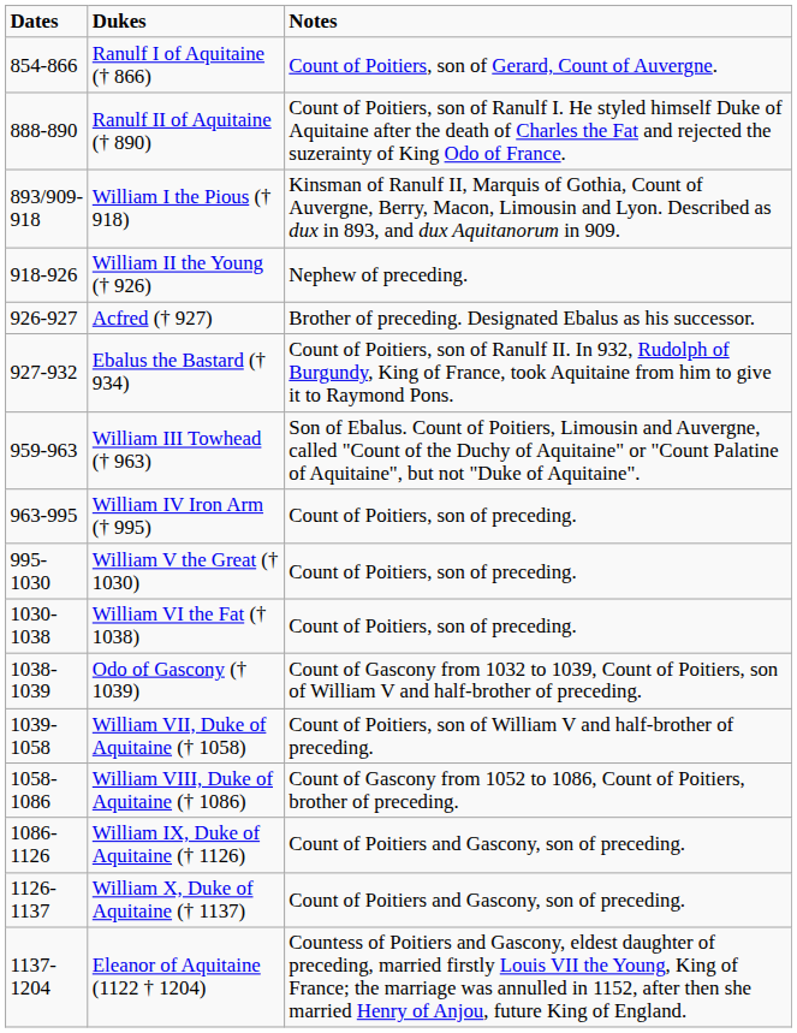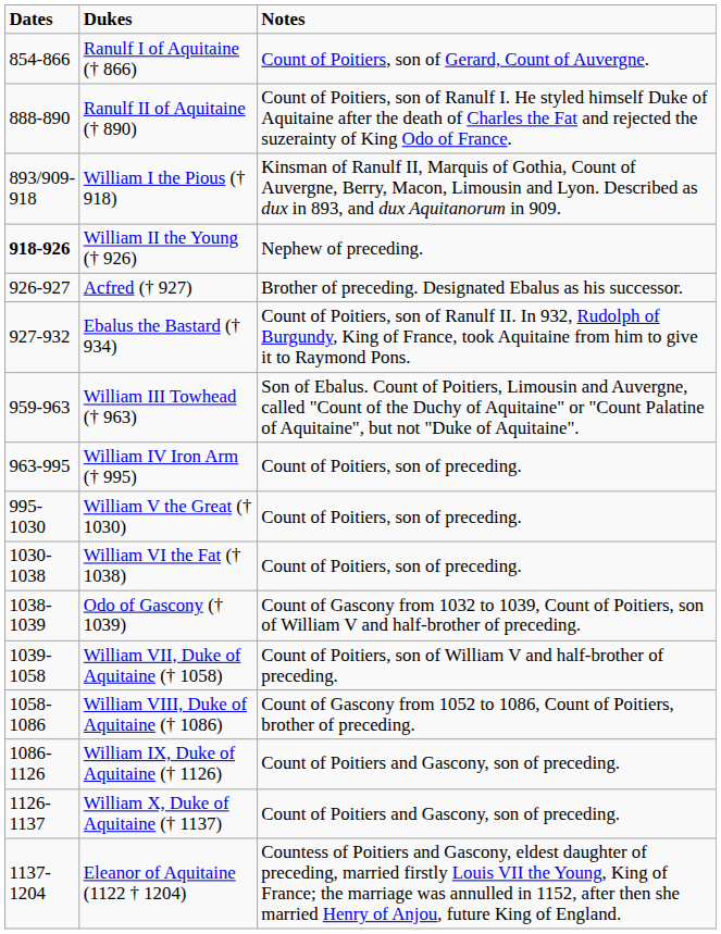 <table width=100%  class="wikitable">
 <tr>
 <td width=10%><strong>Dates</strong></td>
 <td width=25%><strong>Dukes</strong></td>
 <td colspan=2><strong>Notes</strong></td>
 </tr>
 <tr>
 <td>854-866</td>
 <td><a href='#'>Ranulf I of Aquitaine</a> († 866)</td>
 <td colspan=2><a href='#'>Count of Poitiers</a>, son of <a href='#'>Gerard, Count of Auvergne</a>.</td>
 </tr>
 <tr>
 <td>888-890</td>
 <td><a href='#'>Ranulf II of Aquitaine</a> († 890)</td>
 <td colspan=2>Count of Poitiers, son of Ranulf I. He styled himself Duke of Aquitaine after the death of <a href='#'>Charles the Fat</a> and rejected the suzerainty of King <a href='#'>Odo of France</a>.</td>
 </tr>
 <tr>
 <td>893/909-918</td>
 <td><a href='#'>William I the Pious</a> († 918)</td>
 <td colspan=2>Kinsman of Ranulf II, Marquis of Gothia, Count of Auvergne, Berry, Macon, Limousin and Lyon. Described as <em>dux</em> in 893, and <em>dux Aquitanorum</em> in 909.</td>
 </tr>
 <tr>
-<td>918-926</td>
+<td><strong>918-926</strong></td>
 <td><a href='#'>William II the Young</a>  († 926)</td>
 <td colspan=2>Nephew of preceding.</td>
 </tr>
 <tr>
 <td>926-927</td>
 <td><a href='#'>Acfred</a> († 927)</td>
 <td colspan=2>Brother of preceding. Designated Ebalus as his successor.</td>
 </tr>
 <tr>
 <td>927-932</td>
 <td><a href='#'>Ebalus the Bastard</a> († 934)</td>
 <td colspan=2>Count of Poitiers, son of Ranulf II. In 932, <a href='#'>Rudolph of Burgundy</a>, King of France, took Aquitaine from him to give it to Raymond Pons.</td>
 </tr>
 <tr>
 <td>959-963</td>
 <td><a href='#'>William III Towhead</a> († 963)</td>
 <td colspan=2>Son of Ebalus. Count of Poitiers, Limousin and Auvergne, called "Count of the Duchy of Aquitaine" or "Count Palatine of Aquitaine", but not "Duke of Aquitaine".</td>
 </tr>
 <tr>
 <td>963-995</td>
 <td><a href='#'>William IV Iron Arm</a> († 995)</td>
 <td colspan=2>Count of Poitiers, son of preceding.</td>
 </tr>
 <tr>
 <td>995-1030</td>
 <td><a href='#'>William V the Great</a> († 1030)</td>
 <td colspan=2>Count of Poitiers, son of preceding.</td>
 </tr>
 <tr>
 <td>1030-1038</td>
 <td><a href='#'>William VI the Fat</a> († 1038)</td>
 <td colspan=2>Count of Poitiers, son of preceding.</td>
 </tr>
 <tr>
 <td>1038-1039</td>
 <td><a href='#'>Odo of Gascony</a> († 1039)</td>
 <td colspan=2>Count of Gascony from 1032 to 1039, Count of Poitiers, son of William V and half-brother of preceding.</td>
 </tr>
 <tr>
 <td>1039-1058</td>
 <td><a href='#'>William VII, Duke of Aquitaine</a> († 1058)</td>
 <td colspan=2>Count of Poitiers, son of William V and half-brother of preceding.</td>
 </tr>
 <tr>
 <td>1058-1086</td>
 <td><a href='#'>William VIII, Duke of Aquitaine</a> († 1086)</td>
 <td colspan=2>Count of Gascony from 1052 to 1086, Count of Poitiers, brother of preceding.</td>
 </tr>
 <tr>
 <td>1086-1126</td>
 <td><a href='#'>William IX, Duke of Aquitaine</a> († 1126)</td>
 <td colspan=2>Count of Poitiers and Gascony, son of preceding.</td>
 </tr>
 <tr>
 <td>1126-1137</td>
 <td><a href='#'>William X, Duke of Aquitaine</a> († 1137)</td>
 <td colspan=2>Count of Poitiers and Gascony, son of preceding.</td>
 </tr>
 <tr>
 <td>1137-1204</td>
 <td><a href='#'>Eleanor of Aquitaine</a> (1122 † 1204)</td>
 <td colspan=2>Countess of Poitiers and Gascony, eldest daughter of preceding, married firstly <a href='#'>Louis VII the Young</a>, King of France; the marriage was annulled in 1152, after then she married <a href='#'>Henry of Anjou</a>, future King of England.</td>
 </tr>
 </table>
